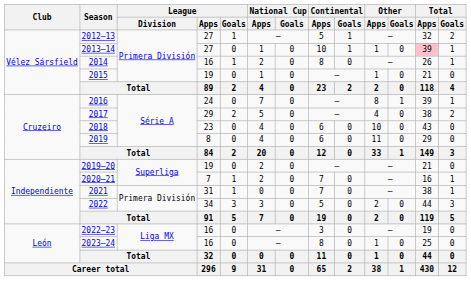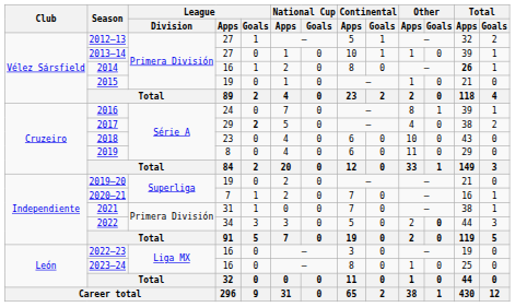 <table class="wikitable" style="font-size:100%; text-align: center;">
 <tr>
 <th rowspan="2">Club</th>
 <th rowspan="2">Season</th>
 <th colspan="3">League</th>
 <th colspan="2">National Cup</th>
 <th colspan="2">Continental</th>
 <th colspan="2">Other</th>
 <th colspan="2">Total</th>
 </tr>
 <tr>
 <th>Division</th>
 <th>Apps</th>
 <th>Goals</th>
 <th>Apps</th>
 <th>Goals</th>
 <th>Apps</th>
 <th>Goals</th>
 <th>Apps</th>
 <th>Goals</th>
 <th>Apps</th>
 <th>Goals</th>
 </tr>
 <tr>
 <td rowspan="5"><a href='#'>Vélez Sársfield</a></td>
 <td><a href='#'>2012–13</a></td>
 <td rowspan="4"><a href='#'>Primera División</a></td>
 <td>27</td>
 <td>1</td>
 <td colspan="2">—</td>
 <td>5</td>
 <td>1</td>
 <td colspan="2">—</td>
 <td>32</td>
 <td>2</td>
 </tr>
 <tr>
 <td><a href='#'>2013–14</a></td>
 <td>27</td>
 <td>0</td>
 <td>1</td>
 <td>0</td>
 <td>10</td>
 <td>1</td>
 <td>1</td>
 <td>0</td>
-<td style="background: pink;">39</td>
+<td>39</td>
 <td>1</td>
 </tr>
 <tr>
 <td><a href='#'>2014</a></td>
 <td>16</td>
 <td>1</td>
 <td>2</td>
 <td>0</td>
 <td>8</td>
 <td>0</td>
 <td colspan="2">—</td>
-<td>26</td>
+<td><strong>26</strong></td>
 <td>1</td>
 </tr>
 <tr>
 <td><a href='#'>2015</a></td>
 <td>19</td>
 <td>0</td>
 <td>1</td>
 <td>0</td>
 <td colspan="2">—</td>
 <td>1</td>
 <td>0</td>
 <td>21</td>
 <td>0</td>
 </tr>
 <tr>
 <th colspan="2">Total</th>
 <th>89</th>
 <th>2</th>
 <th>4</th>
 <th>0</th>
 <th>23</th>
 <th>2</th>
 <th>2</th>
 <th>0</th>
 <th>118</th>
 <th>4</th>
 </tr>
 <tr>
 <td rowspan="5"><a href='#'>Cruzeiro</a></td>
 <td><a href='#'>2016</a></td>
 <td rowspan="4"><a href='#'>Série A</a></td>
 <td>24</td>
 <td>0</td>
 <td>7</td>
 <td>0</td>
 <td colspan="2">—</td>
 <td>8</td>
 <td>1</td>
 <td>39</td>
 <td>1</td>
 </tr>
 <tr>
 <td><a href='#'>2017</a></td>
 <td>29</td>
-<td>2</td>
+<td><strong>2</strong></td>
 <td>5</td>
 <td>0</td>
 <td colspan="2">—</td>
 <td>4</td>
 <td>0</td>
 <td>38</td>
 <td>2</td>
 </tr>
 <tr>
 <td><a href='#'>2018</a></td>
 <td>23</td>
 <td>0</td>
 <td>4</td>
 <td>0</td>
 <td>6</td>
 <td>0</td>
 <td>10</td>
 <td>0</td>
 <td>43</td>
 <td>0</td>
 </tr>
 <tr>
 <td><a href='#'>2019</a></td>
 <td>8</td>
 <td>0</td>
 <td>4</td>
 <td>0</td>
 <td>6</td>
 <td>0</td>
 <td>11</td>
 <td>0</td>
 <td>29</td>
 <td>0</td>
 </tr>
 <tr>
 <th colspan="2">Total</th>
 <th>84</th>
 <th>2</th>
 <th>20</th>
 <th>0</th>
 <th>12</th>
 <th>0</th>
 <th>33</th>
 <th>1</th>
 <th>149</th>
 <th>3</th>
 </tr>
 <tr>
 <td rowspan="5" valign="center"><a href='#'>Independiente</a></td>
 <td><a href='#'>2019–20</a></td>
 <td rowspan="2" valign="center"><a href='#'>Superliga</a></td>
 <td>19</td>
 <td>0</td>
 <td>2</td>
 <td>0</td>
 <td colspan="2">—</td>
 <td colspan="2">—</td>
 <td>21</td>
 <td>0</td>
 </tr>
 <tr>
 <td><a href='#'>2020–21</a></td>
 <td>7</td>
 <td>1</td>
 <td>2</td>
 <td>0</td>
 <td>7</td>
 <td>0</td>
 <td colspan="2">—</td>
 <td>16</td>
 <td>1</td>
 </tr>
 <tr>
 <td><a href='#'>2021</a></td>
 <td rowspan="2">Primera División</td>
 <td>31</td>
 <td>1</td>
 <td>0</td>
 <td>0</td>
 <td>7</td>
 <td>0</td>
 <td colspan="2">—</td>
 <td>38</td>
 <td>1</td>
 </tr>
 <tr>
 <td><a href='#'>2022</a></td>
 <td>34</td>
 <td>3</td>
 <td>3</td>
 <td>0</td>
 <td>5</td>
 <td>0</td>
 <td>2</td>
-<td>0</td>
+<td><strong>0</strong></td>
 <td>44</td>
 <td>3</td>
 </tr>
 <tr>
 <th colspan="2">Total</th>
 <th>91</th>
 <th>5</th>
 <th>7</th>
 <th>0</th>
 <th>19</th>
 <th>0</th>
 <th>2</th>
 <th>0</th>
 <th>119</th>
 <th>5</th>
 </tr>
 <tr>
 <td rowspan="3"><a href='#'>León</a></td>
 <td><a href='#'>2022–23</a></td>
 <td rowspan="2"><a href='#'>Liga MX</a></td>
 <td>16</td>
 <td>0</td>
 <td colspan="2">—</td>
 <td>3</td>
 <td>0</td>
 <td colspan="2">—</td>
 <td>19</td>
 <td>0</td>
 </tr>
 <tr>
 <td><a href='#'>2023–24</a></td>
 <td>16</td>
 <td>0</td>
 <td colspan="2">—</td>
 <td>8</td>
 <td>0</td>
 <td>1</td>
 <td>0</td>
 <td>25</td>
 <td>0</td>
 </tr>
 <tr>
 <th colspan="2">Total</th>
 <th>32</th>
 <th>0</th>
 <th>0</th>
 <th>0</th>
 <th>11</th>
 <th>0</th>
 <th>1</th>
 <th>0</th>
 <th>44</th>
 <th>0</th>
 </tr>
 <tr>
 <th colspan="3">Career total</th>
 <th>296</th>
 <th>9</th>
 <th>31</th>
 <th>0</th>
 <th>65</th>
 <th>2</th>
 <th>38</th>
 <th>1</th>
 <th>430</th>
 <th>12</th>
 </tr>
 </table>
